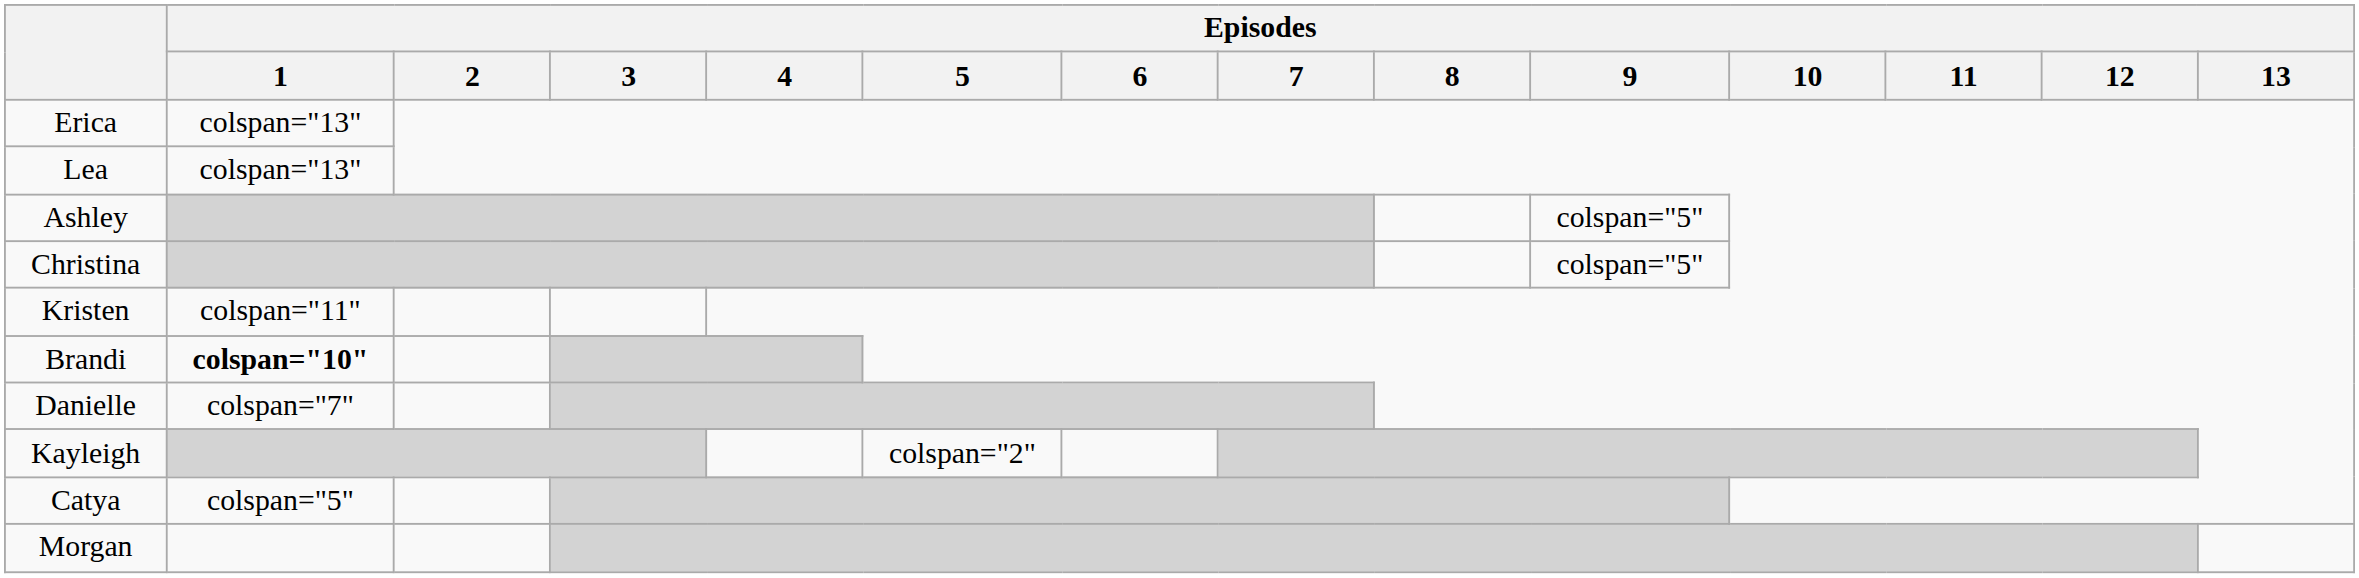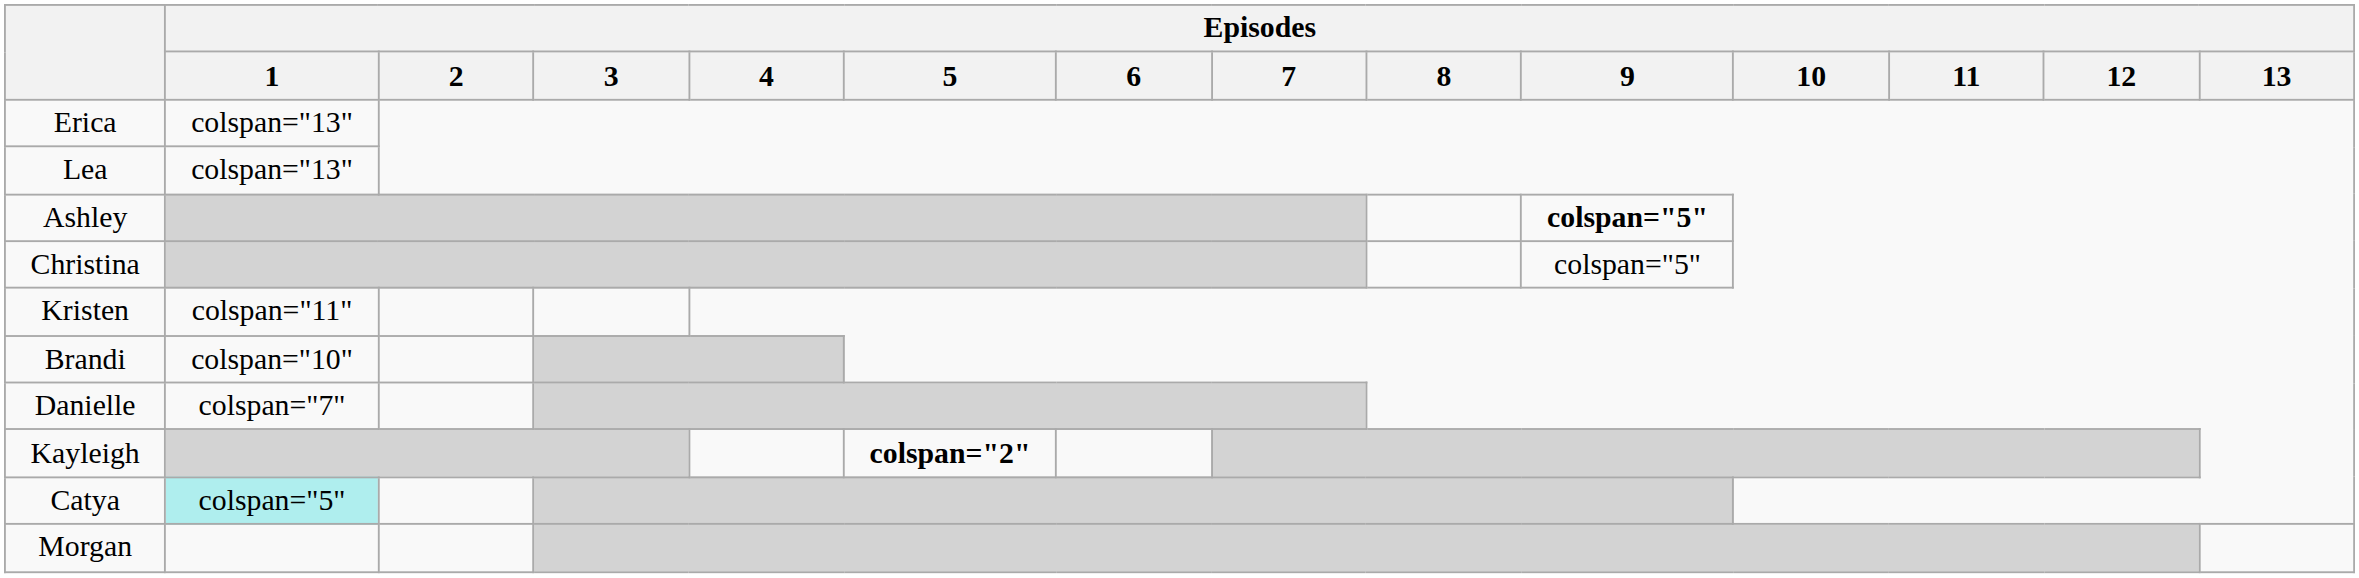 <table class="wikitable plainrowheaders" style="text-align:center; width:100%;">
 <tr>
 <th scope="col" rowspan="2" style="width:5%;"></th>
 <th scope="col" colspan="13">Episodes</th>
 </tr>
 <tr>
 <th scope="col" style="width:5%;">1</th>
 <th scope="col" style="width:5%;">2</th>
 <th scope="col" style="width:5%;">3</th>
 <th scope="col" style="width:5%;">4</th>
 <th scope="col" style="width:5%;">5</th>
 <th scope="col" style="width:5%;">6</th>
 <th scope="col" style="width:5%;">7</th>
 <th scope="col" style="width:5%;">8</th>
 <th scope="col" style="width:5%;">9</th>
 <th scope="col" style="width:5%;">10</th>
 <th scope="col" style="width:5%;">11</th>
 <th scope="col" style="width:5%;">12</th>
 <th scope="col" style="width:5%;">13</th>
 </tr>
 <tr>
 <td scope="row">Erica</td>
 <td>colspan="13" </td>
 </tr>
 <tr>
 <td scope="row">Lea</td>
 <td>colspan="13" </td>
 </tr>
 <tr>
 <td scope="row">Ashley</td>
 <td colspan="7" style="background:lightgray;"></td>
 <td></td>
-<td>colspan="5" </td>
+<td><strong>colspan="5" </strong></td>
 </tr>
 <tr>
 <td scope="row">Christina</td>
 <td colspan="7" style="background:lightgray;"></td>
 <td></td>
 <td>colspan="5" </td>
 </tr>
 <tr>
 <td scope="row">Kristen</td>
 <td>colspan="11" </td>
 <td></td>
 <td></td>
 </tr>
 <tr>
 <td scope="row">Brandi</td>
-<td><strong>colspan="10" </strong></td>
+<td>colspan="10" </td>
 <td></td>
 <td colspan="2" style="background:lightgray;"></td>
 </tr>
 <tr>
 <td scope="row">Danielle</td>
 <td>colspan="7" </td>
 <td></td>
 <td colspan="5" style="background:lightgray;"></td>
 </tr>
 <tr>
 <td scope="row">Kayleigh</td>
 <td colspan="3" style="background:lightgray;"></td>
 <td></td>
-<td>colspan="2" </td>
+<td><strong>colspan="2" </strong></td>
 <td></td>
 <td colspan="6" style="background:lightgray;"></td>
 </tr>
 <tr>
 <td scope="row">Catya</td>
-<td>colspan="5" </td>
+<td style="background: paleturquoise;">colspan="5" </td>
 <td></td>
 <td colspan="7" style="background:lightgray;"></td>
 </tr>
 <tr>
 <td scope="row">Morgan</td>
 <td></td>
 <td></td>
 <td colspan="10" style="background:lightgray;"></td>
 <td></td>
 </tr>
 </table>
